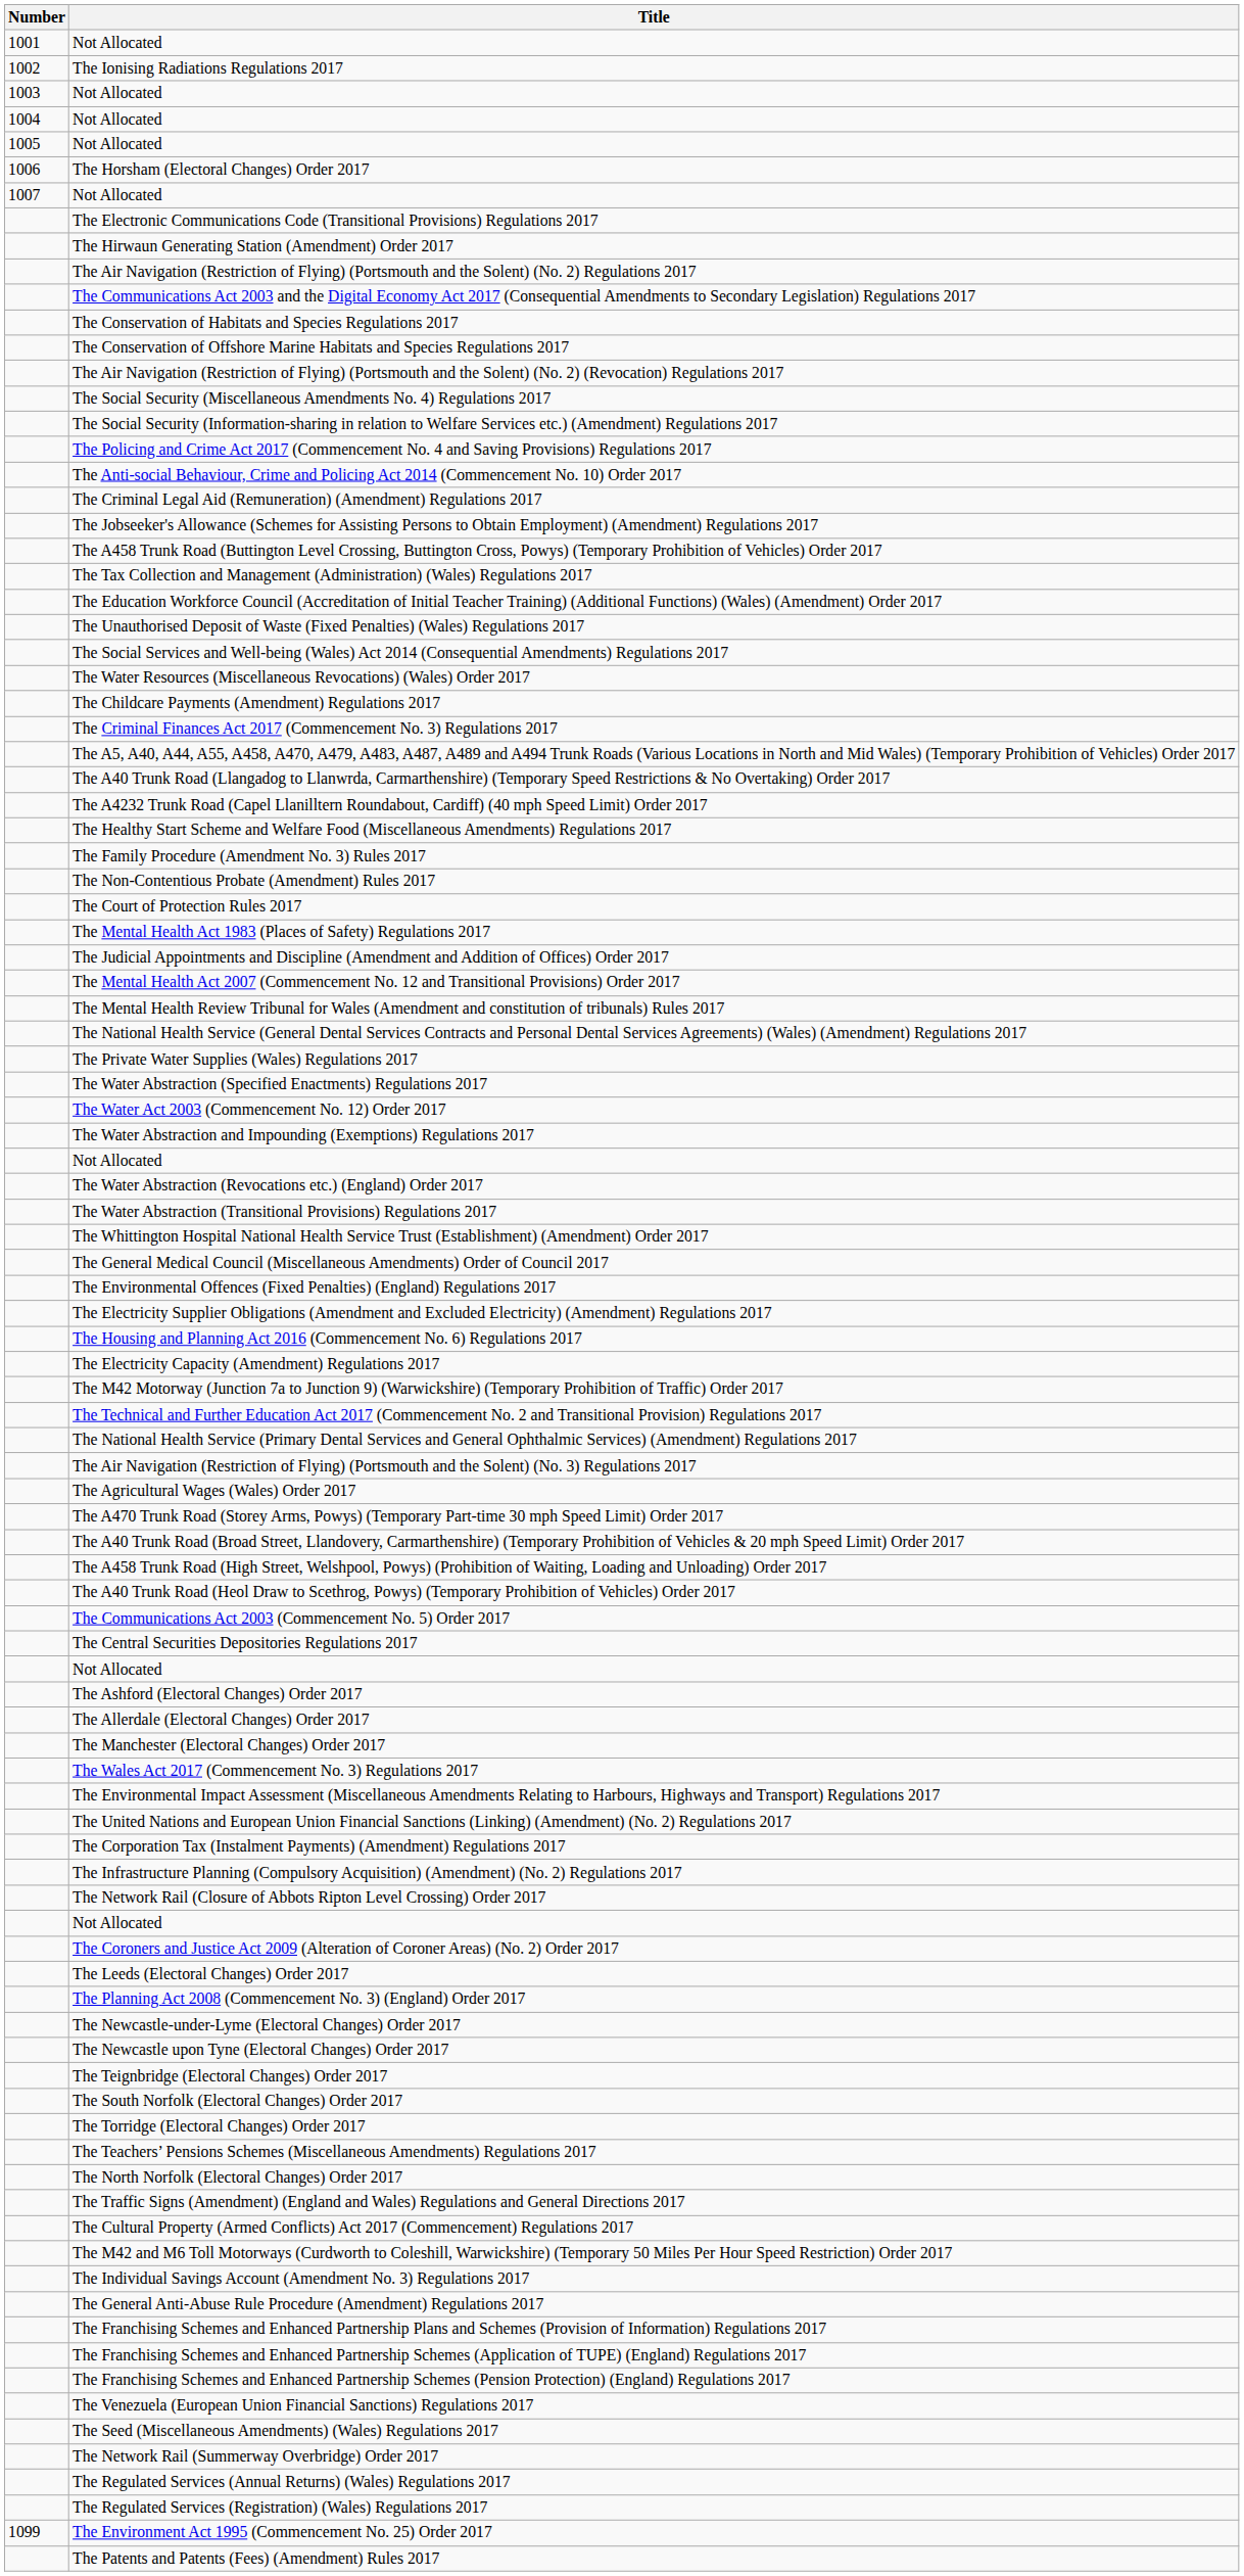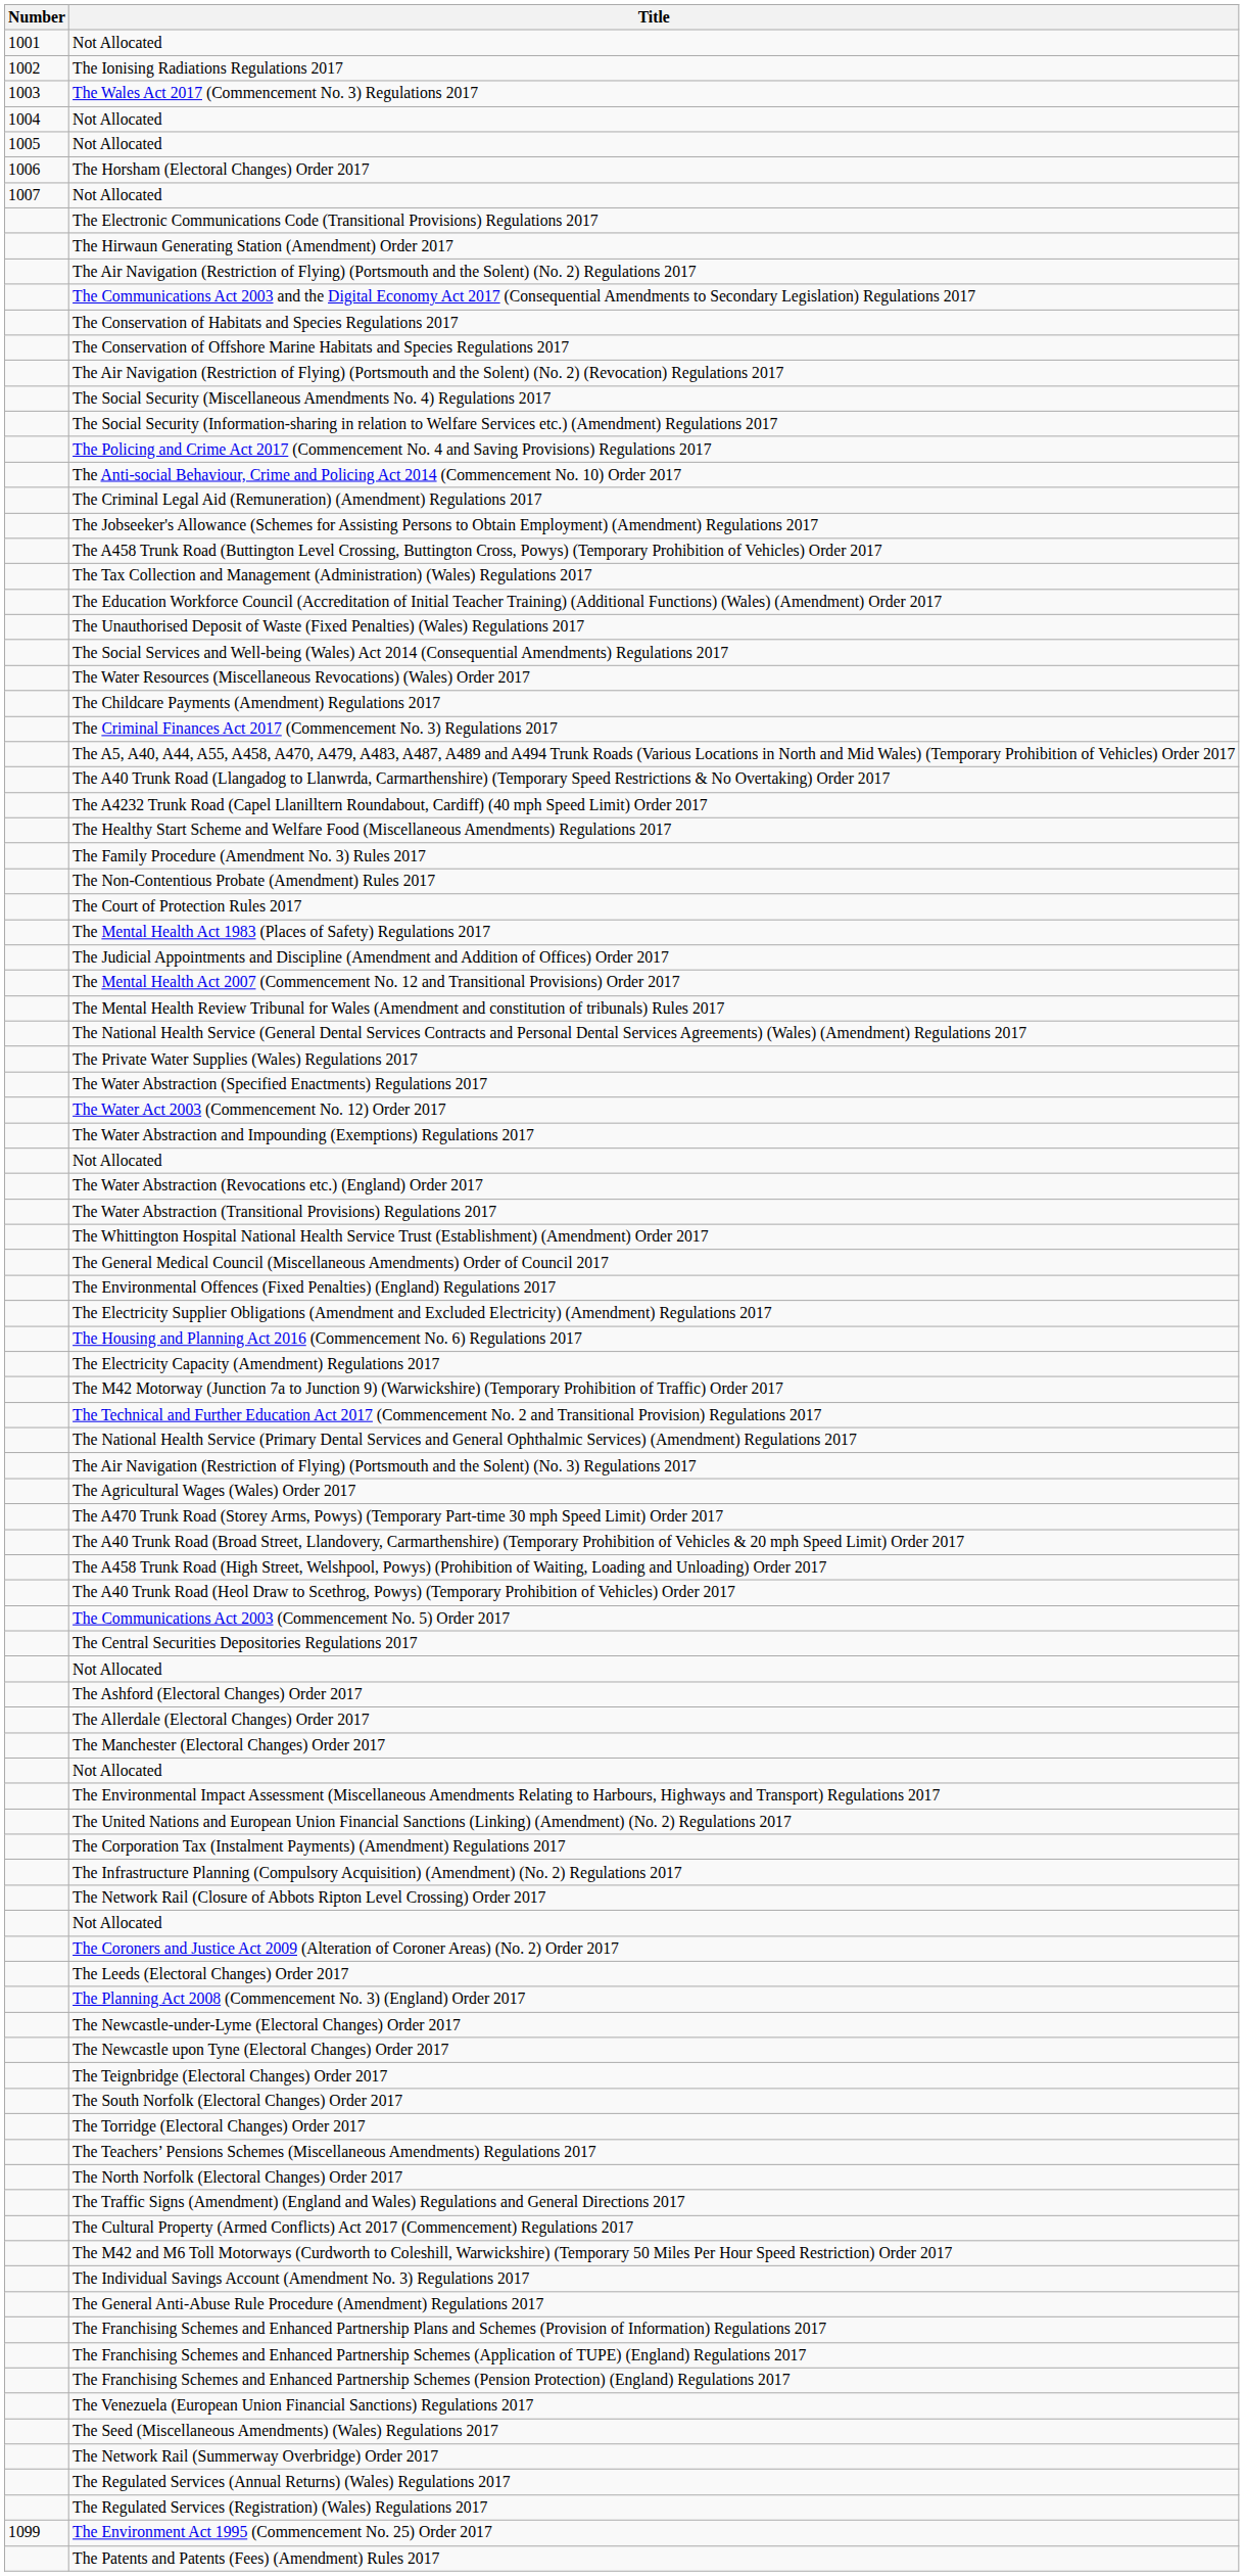 <table class="wikitable collapsible">
 <tr>
 <th>Number</th>
 <th>Title</th>
 </tr>
 <tr>
 <td>1001</td>
 <td>Not Allocated</td>
 </tr>
 <tr>
 <td>1002</td>
 <td>The Ionising Radiations Regulations 2017</td>
 </tr>
 <tr>
 <td>1003</td>
-<td>Not Allocated</td>
+<td><a href='#'>The Wales Act 2017</a> (Commencement No. 3) Regulations 2017</td>
 </tr>
 <tr>
 <td>1004</td>
 <td>Not Allocated</td>
 </tr>
 <tr>
 <td>1005</td>
 <td>Not Allocated</td>
 </tr>
 <tr>
 <td>1006</td>
 <td>The Horsham (Electoral Changes) Order 2017</td>
 </tr>
 <tr>
 <td>1007</td>
 <td>Not Allocated</td>
 </tr>
 <tr>
 <td></td>
 <td>The Electronic Communications Code (Transitional Provisions) Regulations 2017</td>
 </tr>
 <tr>
 <td></td>
 <td>The Hirwaun Generating Station (Amendment) Order 2017</td>
 </tr>
 <tr>
 <td></td>
 <td>The Air Navigation (Restriction of Flying) (Portsmouth and the Solent) (No. 2) Regulations 2017</td>
 </tr>
 <tr>
 <td></td>
 <td><a href='#'>The Communications Act 2003</a> and the <a href='#'>Digital Economy Act 2017</a> (Consequential Amendments to Secondary Legislation) Regulations 2017</td>
 </tr>
 <tr>
 <td></td>
 <td>The Conservation of Habitats and Species Regulations 2017</td>
 </tr>
 <tr>
 <td></td>
 <td>The Conservation of Offshore Marine Habitats and Species Regulations 2017</td>
 </tr>
 <tr>
 <td></td>
 <td>The Air Navigation (Restriction of Flying) (Portsmouth and the Solent) (No. 2) (Revocation) Regulations 2017</td>
 </tr>
 <tr>
 <td></td>
 <td>The Social Security (Miscellaneous Amendments No. 4) Regulations 2017</td>
 </tr>
 <tr>
 <td></td>
 <td>The Social Security (Information-sharing in relation to Welfare Services etc.) (Amendment) Regulations 2017</td>
 </tr>
 <tr>
 <td></td>
 <td><a href='#'>The Policing and Crime Act 2017</a> (Commencement No. 4 and Saving Provisions) Regulations 2017</td>
 </tr>
 <tr>
 <td></td>
 <td>The <a href='#'>Anti-social Behaviour, Crime and Policing Act 2014</a> (Commencement No. 10) Order 2017</td>
 </tr>
 <tr>
 <td></td>
 <td>The Criminal Legal Aid (Remuneration) (Amendment) Regulations 2017</td>
 </tr>
 <tr>
 <td></td>
 <td>The Jobseeker's Allowance (Schemes for Assisting Persons to Obtain Employment) (Amendment) Regulations 2017</td>
 </tr>
 <tr>
 <td></td>
 <td>The A458 Trunk Road (Buttington Level Crossing, Buttington Cross, Powys) (Temporary Prohibition of Vehicles) Order 2017</td>
 </tr>
 <tr>
 <td></td>
 <td>The Tax Collection and Management (Administration) (Wales) Regulations 2017</td>
 </tr>
 <tr>
 <td></td>
 <td>The Education Workforce Council (Accreditation of Initial Teacher Training) (Additional Functions) (Wales) (Amendment) Order 2017</td>
 </tr>
 <tr>
 <td></td>
 <td>The Unauthorised Deposit of Waste (Fixed Penalties) (Wales) Regulations 2017</td>
 </tr>
 <tr>
 <td></td>
 <td>The Social Services and Well-being (Wales) Act 2014 (Consequential Amendments) Regulations 2017</td>
 </tr>
 <tr>
 <td></td>
 <td>The Water Resources (Miscellaneous Revocations) (Wales) Order 2017</td>
 </tr>
 <tr>
 <td></td>
 <td>The Childcare Payments (Amendment) Regulations 2017</td>
 </tr>
 <tr>
 <td></td>
 <td>The <a href='#'>Criminal Finances Act 2017</a> (Commencement No. 3) Regulations 2017</td>
 </tr>
 <tr>
 <td></td>
 <td>The A5, A40, A44, A55, A458, A470, A479, A483, A487, A489 and A494 Trunk Roads (Various Locations in North and Mid Wales) (Temporary Prohibition of Vehicles) Order 2017</td>
 </tr>
 <tr>
 <td></td>
 <td>The A40 Trunk Road (Llangadog to Llanwrda, Carmarthenshire) (Temporary Speed Restrictions & No Overtaking) Order 2017</td>
 </tr>
 <tr>
 <td></td>
 <td>The A4232 Trunk Road (Capel Llanilltern Roundabout, Cardiff) (40 mph Speed Limit) Order 2017</td>
 </tr>
 <tr>
 <td></td>
 <td>The Healthy Start Scheme and Welfare Food (Miscellaneous Amendments) Regulations 2017</td>
 </tr>
 <tr>
 <td></td>
 <td>The Family Procedure (Amendment No. 3) Rules 2017</td>
 </tr>
 <tr>
 <td></td>
 <td>The Non-Contentious Probate (Amendment) Rules 2017</td>
 </tr>
 <tr>
 <td></td>
 <td>The Court of Protection Rules 2017</td>
 </tr>
 <tr>
 <td></td>
 <td>The <a href='#'>Mental Health Act 1983</a> (Places of Safety) Regulations 2017</td>
 </tr>
 <tr>
 <td></td>
 <td>The Judicial Appointments and Discipline (Amendment and Addition of Offices) Order 2017</td>
 </tr>
 <tr>
 <td></td>
 <td>The <a href='#'>Mental Health Act 2007</a> (Commencement No. 12 and Transitional Provisions) Order 2017</td>
 </tr>
 <tr>
 <td></td>
 <td>The Mental Health Review Tribunal for Wales (Amendment and constitution of tribunals) Rules 2017</td>
 </tr>
 <tr>
 <td></td>
 <td>The National Health Service (General Dental Services Contracts and Personal Dental Services Agreements) (Wales) (Amendment) Regulations 2017</td>
 </tr>
 <tr>
 <td></td>
 <td>The Private Water Supplies (Wales) Regulations 2017</td>
 </tr>
 <tr>
 <td></td>
 <td>The Water Abstraction (Specified Enactments) Regulations 2017</td>
 </tr>
 <tr>
 <td></td>
 <td><a href='#'>The Water Act 2003</a> (Commencement No. 12) Order 2017</td>
 </tr>
 <tr>
 <td></td>
 <td>The Water Abstraction and Impounding (Exemptions) Regulations 2017</td>
 </tr>
 <tr>
 <td></td>
 <td>Not Allocated</td>
 </tr>
 <tr>
 <td></td>
 <td>The Water Abstraction (Revocations etc.) (England) Order 2017</td>
 </tr>
 <tr>
 <td></td>
 <td>The Water Abstraction (Transitional Provisions) Regulations 2017</td>
 </tr>
 <tr>
 <td></td>
 <td>The Whittington Hospital National Health Service Trust (Establishment) (Amendment) Order 2017</td>
 </tr>
 <tr>
 <td></td>
 <td>The General Medical Council (Miscellaneous Amendments) Order of Council 2017</td>
 </tr>
 <tr>
 <td></td>
 <td>The Environmental Offences (Fixed Penalties) (England) Regulations 2017</td>
 </tr>
 <tr>
 <td></td>
 <td>The Electricity Supplier Obligations (Amendment and Excluded Electricity) (Amendment) Regulations 2017</td>
 </tr>
 <tr>
 <td></td>
 <td><a href='#'>The Housing and Planning Act 2016</a> (Commencement No. 6) Regulations 2017</td>
 </tr>
 <tr>
 <td></td>
 <td>The Electricity Capacity (Amendment) Regulations 2017</td>
 </tr>
 <tr>
 <td></td>
 <td>The M42 Motorway (Junction 7a to Junction 9) (Warwickshire) (Temporary Prohibition of Traffic) Order 2017</td>
 </tr>
 <tr>
 <td></td>
 <td><a href='#'>The Technical and Further Education Act 2017</a> (Commencement No. 2 and Transitional Provision) Regulations 2017</td>
 </tr>
 <tr>
 <td></td>
 <td>The National Health Service (Primary Dental Services and General Ophthalmic Services) (Amendment) Regulations 2017</td>
 </tr>
 <tr>
 <td></td>
 <td>The Air Navigation (Restriction of Flying) (Portsmouth and the Solent) (No. 3) Regulations 2017</td>
 </tr>
 <tr>
 <td></td>
 <td>The Agricultural Wages (Wales) Order 2017</td>
 </tr>
 <tr>
 <td></td>
 <td>The A470 Trunk Road (Storey Arms, Powys) (Temporary Part-time 30 mph Speed Limit) Order 2017</td>
 </tr>
 <tr>
 <td></td>
 <td>The A40 Trunk Road (Broad Street, Llandovery, Carmarthenshire) (Temporary Prohibition of Vehicles & 20 mph Speed Limit) Order 2017</td>
 </tr>
 <tr>
 <td></td>
 <td>The A458 Trunk Road (High Street, Welshpool, Powys) (Prohibition of Waiting, Loading and Unloading) Order 2017</td>
 </tr>
 <tr>
 <td></td>
 <td>The A40 Trunk Road (Heol Draw to Scethrog, Powys) (Temporary Prohibition of Vehicles) Order 2017</td>
 </tr>
 <tr>
 <td></td>
 <td><a href='#'>The Communications Act 2003</a> (Commencement No. 5) Order 2017</td>
 </tr>
 <tr>
 <td></td>
 <td>The Central Securities Depositories Regulations 2017</td>
 </tr>
 <tr>
 <td></td>
 <td>Not Allocated</td>
 </tr>
 <tr>
 <td></td>
 <td>The Ashford (Electoral Changes) Order 2017</td>
 </tr>
 <tr>
 <td></td>
 <td>The Allerdale (Electoral Changes) Order 2017</td>
 </tr>
 <tr>
 <td></td>
 <td>The Manchester (Electoral Changes) Order 2017</td>
 </tr>
 <tr>
 <td></td>
-<td><a href='#'>The Wales Act 2017</a> (Commencement No. 3) Regulations 2017</td>
+<td>Not Allocated</td>
 </tr>
 <tr>
 <td></td>
 <td>The Environmental Impact Assessment (Miscellaneous Amendments Relating to Harbours, Highways and Transport) Regulations 2017</td>
 </tr>
 <tr>
 <td></td>
 <td>The United Nations and European Union Financial Sanctions (Linking) (Amendment) (No. 2) Regulations 2017</td>
 </tr>
 <tr>
 <td></td>
 <td>The Corporation Tax (Instalment Payments) (Amendment) Regulations 2017</td>
 </tr>
 <tr>
 <td></td>
 <td>The Infrastructure Planning (Compulsory Acquisition) (Amendment) (No. 2) Regulations 2017</td>
 </tr>
 <tr>
 <td></td>
 <td>The Network Rail (Closure of Abbots Ripton Level Crossing) Order 2017</td>
 </tr>
 <tr>
 <td></td>
 <td>Not Allocated</td>
 </tr>
 <tr>
 <td></td>
 <td><a href='#'>The Coroners and Justice Act 2009</a> (Alteration of Coroner Areas) (No. 2) Order 2017</td>
 </tr>
 <tr>
 <td></td>
 <td>The Leeds (Electoral Changes) Order 2017</td>
 </tr>
 <tr>
 <td></td>
 <td><a href='#'>The Planning Act 2008</a> (Commencement No. 3) (England) Order 2017</td>
 </tr>
 <tr>
 <td></td>
 <td>The Newcastle-under-Lyme (Electoral Changes) Order 2017</td>
 </tr>
 <tr>
 <td></td>
 <td>The Newcastle upon Tyne (Electoral Changes) Order 2017</td>
 </tr>
 <tr>
 <td></td>
 <td>The Teignbridge (Electoral Changes) Order 2017</td>
 </tr>
 <tr>
 <td></td>
 <td>The South Norfolk (Electoral Changes) Order 2017</td>
 </tr>
 <tr>
 <td></td>
 <td>The Torridge (Electoral Changes) Order 2017</td>
 </tr>
 <tr>
 <td></td>
 <td>The Teachers’ Pensions Schemes (Miscellaneous Amendments) Regulations 2017</td>
 </tr>
 <tr>
 <td></td>
 <td>The North Norfolk (Electoral Changes) Order 2017</td>
 </tr>
 <tr>
 <td></td>
 <td>The Traffic Signs (Amendment) (England and Wales) Regulations and General Directions 2017</td>
 </tr>
 <tr>
 <td></td>
 <td>The Cultural Property (Armed Conflicts) Act 2017 (Commencement) Regulations 2017</td>
 </tr>
 <tr>
 <td></td>
 <td>The M42 and M6 Toll Motorways (Curdworth to Coleshill, Warwickshire) (Temporary 50 Miles Per Hour Speed Restriction) Order 2017</td>
 </tr>
 <tr>
 <td></td>
 <td>The Individual Savings Account (Amendment No. 3) Regulations 2017</td>
 </tr>
 <tr>
 <td></td>
 <td>The General Anti-Abuse Rule Procedure (Amendment) Regulations 2017</td>
 </tr>
 <tr>
 <td></td>
 <td>The Franchising Schemes and Enhanced Partnership Plans and Schemes (Provision of Information) Regulations 2017</td>
 </tr>
 <tr>
 <td></td>
 <td>The Franchising Schemes and Enhanced Partnership Schemes (Application of TUPE) (England) Regulations 2017</td>
 </tr>
 <tr>
 <td></td>
 <td>The Franchising Schemes and Enhanced Partnership Schemes (Pension Protection) (England) Regulations 2017</td>
 </tr>
 <tr>
 <td></td>
 <td>The Venezuela (European Union Financial Sanctions) Regulations 2017</td>
 </tr>
 <tr>
 <td></td>
 <td>The Seed (Miscellaneous Amendments) (Wales) Regulations 2017</td>
 </tr>
 <tr>
 <td></td>
 <td>The Network Rail (Summerway Overbridge) Order 2017</td>
 </tr>
 <tr>
 <td></td>
 <td>The Regulated Services (Annual Returns) (Wales) Regulations 2017</td>
 </tr>
 <tr>
 <td></td>
 <td>The Regulated Services (Registration) (Wales) Regulations 2017</td>
 </tr>
 <tr>
 <td>1099</td>
 <td><a href='#'>The Environment Act 1995</a> (Commencement No. 25) Order 2017</td>
 </tr>
 <tr>
 <td></td>
 <td>The Patents and Patents (Fees) (Amendment) Rules 2017</td>
 </tr>
 </table>
